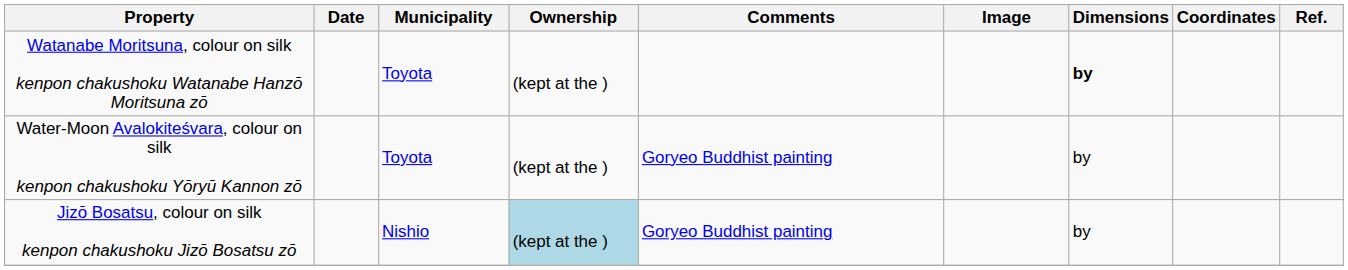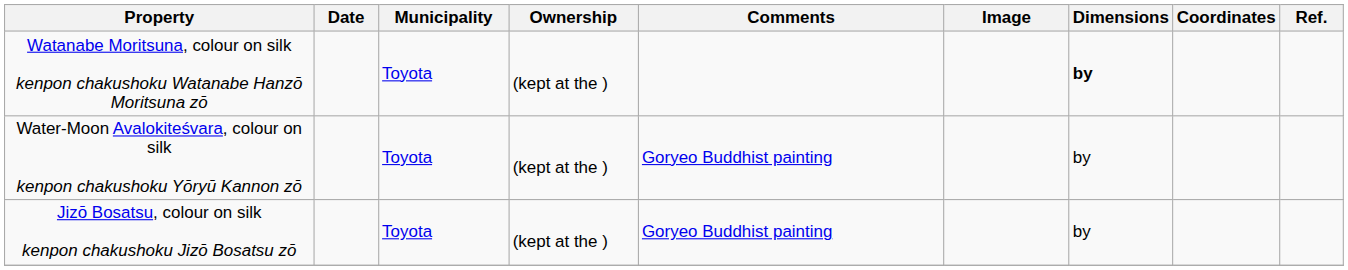 <table class="wikitable sortable"  style="width:100%;">
 <tr>
 <th width="25%" align="left">Property</th>
 <th width="5%" align="left" data-sort-type="number">Date</th>
 <th width="10%" align="left">Municipality</th>
 <th width="10%" align="left">Ownership</th>
 <th width="25%" align="left" class="unsortable">Comments</th>
 <th width="10%" align="left" class="unsortable">Image</th>
 <th width="5%" align="left" class="unsortable">Dimensions</th>
 <th width="5%" align="left" class="unsortable">Coordinates</th>
 <th width="5%" align="left" class="unsortable">Ref.</th>
 </tr>
 <tr>
 <td align="center"><a href='#'>Watanabe Moritsuna</a>, colour on silk<br><br><em>kenpon chakushoku Watanabe Hanzō Moritsuna zō</em></td>
 <td></td>
 <td><a href='#'>Toyota</a></td>
 <td><br>(kept at the )</td>
 <td></td>
 <td></td>
 <td><strong> by </strong></td>
 <td></td>
 <td></td>
 </tr>
 <tr>
 <td align="center">Water-Moon <a href='#'>Avalokiteśvara</a>, colour on silk<br><br><em>kenpon chakushoku Yōryū Kannon zō</em></td>
 <td></td>
 <td><a href='#'>Toyota</a></td>
 <td><br>(kept at the )</td>
 <td><a href='#'>Goryeo Buddhist painting</a></td>
 <td></td>
 <td> by </td>
 <td></td>
 <td></td>
 </tr>
 <tr>
 <td align="center"><a href='#'>Jizō Bosatsu</a>, colour on silk<br><br><em>kenpon chakushoku Jizō Bosatsu zō</em></td>
 <td></td>
-<td><a href='#'>Nishio</a></td>
-<td style="background: lightblue;"><br>(kept at the )</td>
+<td><a href='#'>Toyota</a></td>
+<td><br>(kept at the )</td>
 <td><a href='#'>Goryeo Buddhist painting</a></td>
 <td></td>
 <td> by </td>
 <td></td>
 <td></td>
 </tr>
 <tr>
 </tr>
 </table>
